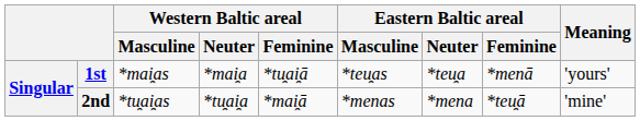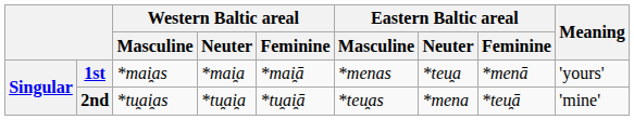 <table class="wikitable">
 <tr>
 <th colspan="2" rowspan="2"></th>
 <th colspan="3">Western Baltic areal</th>
 <th colspan="3">Eastern Baltic areal</th>
 <th rowspan="2">Meaning</th>
 </tr>
 <tr>
 <th>Masculine</th>
 <th>Neuter</th>
 <th>Feminine</th>
 <th>Masculine</th>
 <th>Neuter</th>
 <th>Feminine</th>
 </tr>
 <tr>
 <th rowspan=3><a href='#'>Singular</a></th>
 <th><a href='#'>1st</a></th>
 <td><em>*mai̯as</em></td>
 <td><em>*mai̯a</em></td>
-<td><em>*tu̯ai̯ā</em></td>
-<td><em>*teu̯as</em></td>
+<td><em>*mai̯ā</em></td>
+<td><em>*menas</em></td>
 <td><em>*teu̯a</em></td>
 <td><em>*menā</em></td>
 <td>'yours'</td>
 </tr>
 <tr>
 <th>2nd</th>
 <td><em>*tu̯ai̯as</em></td>
 <td><em>*tu̯ai̯a</em></td>
-<td><em>*mai̯ā</em></td>
-<td><em>*menas</em></td>
+<td><em>*tu̯ai̯ā</em></td>
+<td><em>*teu̯as</em></td>
 <td><em>*mena</em></td>
 <td><em>*teu̯ā</em></td>
 <td>'mine'</td>
 </tr>
 </table>
